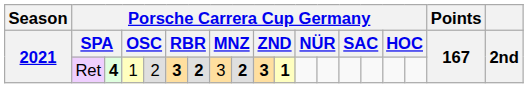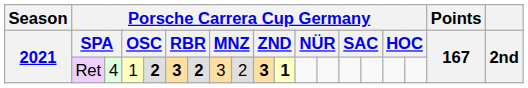 <table class="wikitable" style="font-size: 85%; text-align:center">
 <tr valign="top">
 <th>Season</th>
 <th colspan=16><a href='#'>Porsche Carrera Cup Germany</a></th>
 <th>Points</th>
 <th></th>
 </tr>
 <tr>
 <th rowspan=2 align=left><a href='#'>2021</a></th>
 <th colspan=2><a href='#'>SPA</a><br></th>
 <th colspan=2><a href='#'>OSC</a><br></th>
 <th colspan=2><a href='#'>RBR</a><br></th>
 <th colspan=2><a href='#'>MNZ</a><br></th>
 <th colspan=2><a href='#'>ZND</a><br></th>
 <th colspan=2><a href='#'>NÜR</a><br></th>
 <th colspan=2><a href='#'>SAC</a><br></th>
 <th colspan=2><a href='#'>HOC</a><br></th>
 <th rowspan=2>167</th>
 <th rowspan=2>2nd</th>
 </tr>
 <tr>
 <td style="background:#EFCFFF;">Ret</td>
-<td style="background:#DFFFDF;"><strong>4</strong></td>
+<td style="background:#DFFFDF;">4</td>
 <td style="background:#FFFFBF;">1</td>
-<td style="background:#DFDFDF;">2</td>
+<td style="background:#DFDFDF;"><strong>2</strong></td>
 <td style="background:#FFDF9F;"><strong>3</strong></td>
 <td style="background:#DFDFDF;"><strong>2</strong></td>
 <td style="background:#FFDF9F;">3</td>
-<td style="background:#DFDFDF;"><strong>2</strong></td>
+<td style="background:#DFDFDF;">2</td>
 <td style="background:#FFDF9F;"><strong>3</strong></td>
 <td style="background:#FFFFBF;"><strong>1</strong></td>
 <td style="background:"></td>
 <td style="background:"></td>
 <td style="background:"></td>
 <td style="background:"></td>
 <td style="background:"></td>
 <td style="background:"></td>
 </tr>
 </table>
